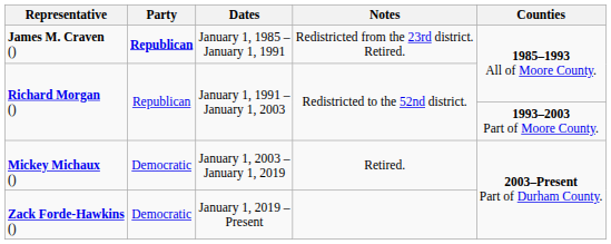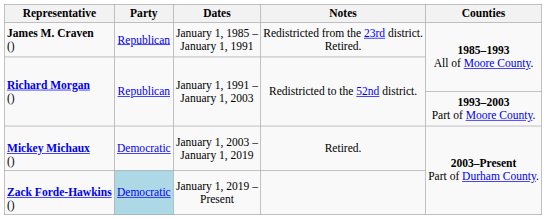 <table class=wikitable style="text-align:center">
 <tr>
 <th>Representative</th>
 <th>Party</th>
 <th>Dates</th>
 <th>Notes</th>
 <th>Counties</th>
 </tr>
 <tr style="height:3em">
 <td align=left><strong>James M. Craven</strong><br>()</td>
-<td><strong><a href='#'>Republican</a></strong></td>
+<td><a href='#'>Republican</a></td>
 <td nowrap>January 1, 1985 – <br> January 1, 1991</td>
 <td>Redistricted from the <a href='#'>23rd</a> district. <br> Retired.</td>
 <td rowspan=2><strong>1985–1993</strong> <br> All of <a href='#'>Moore County</a>.</td>
 </tr>
 <tr style="height:3em">
 <td rowspan=2 align=left><strong><a href='#'>Richard Morgan</a></strong><br>()</td>
 <td rowspan=2 ><a href='#'>Republican</a></td>
 <td rowspan=2 nowrap>January 1, 1991 – <br> January 1, 2003</td>
 <td rowspan=2>Redistricted to the <a href='#'>52nd</a> district.</td>
 </tr>
 <tr style="height:3em">
 <td><strong>1993–2003</strong> <br> Part of <a href='#'>Moore County</a>.</td>
 </tr>
 <tr style="height:3em">
 <td align=left><br><strong><a href='#'>Mickey Michaux</a></strong><br>()</td>
 <td><a href='#'>Democratic</a></td>
 <td nowrap>January 1, 2003 – <br> January 1, 2019</td>
 <td>Retired.</td>
 <td rowspan=2><strong>2003–Present</strong> <br> Part of <a href='#'>Durham County</a>.</td>
 </tr>
 <tr style="height:3em">
 <td align=left><br><strong><a href='#'>Zack Forde-Hawkins</a></strong><br>()</td>
-<td><a href='#'>Democratic</a></td>
+<td style="background: lightblue;"><a href='#'>Democratic</a></td>
 <td nowrap>January 1, 2019 – <br> Present</td>
 <td></td>
 </tr>
 </table>
